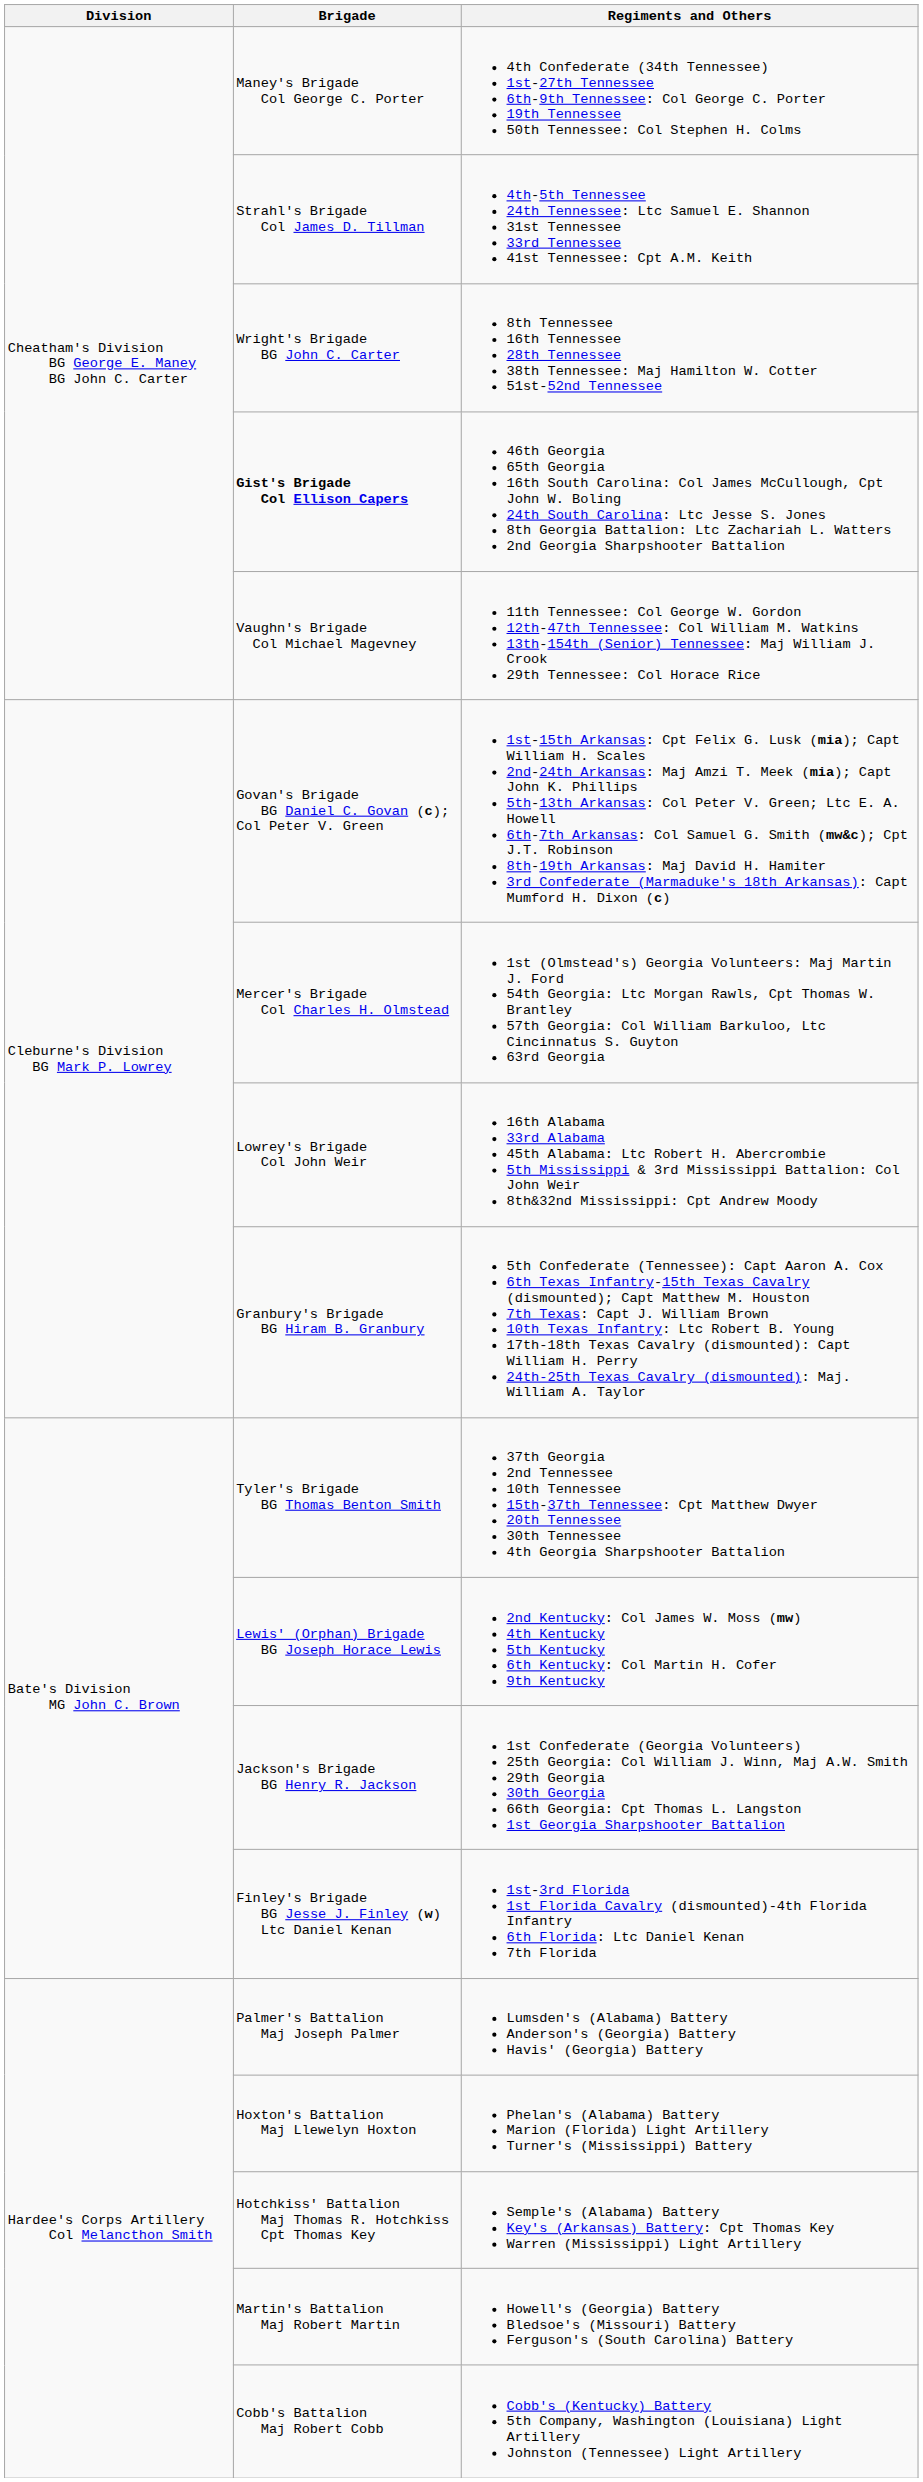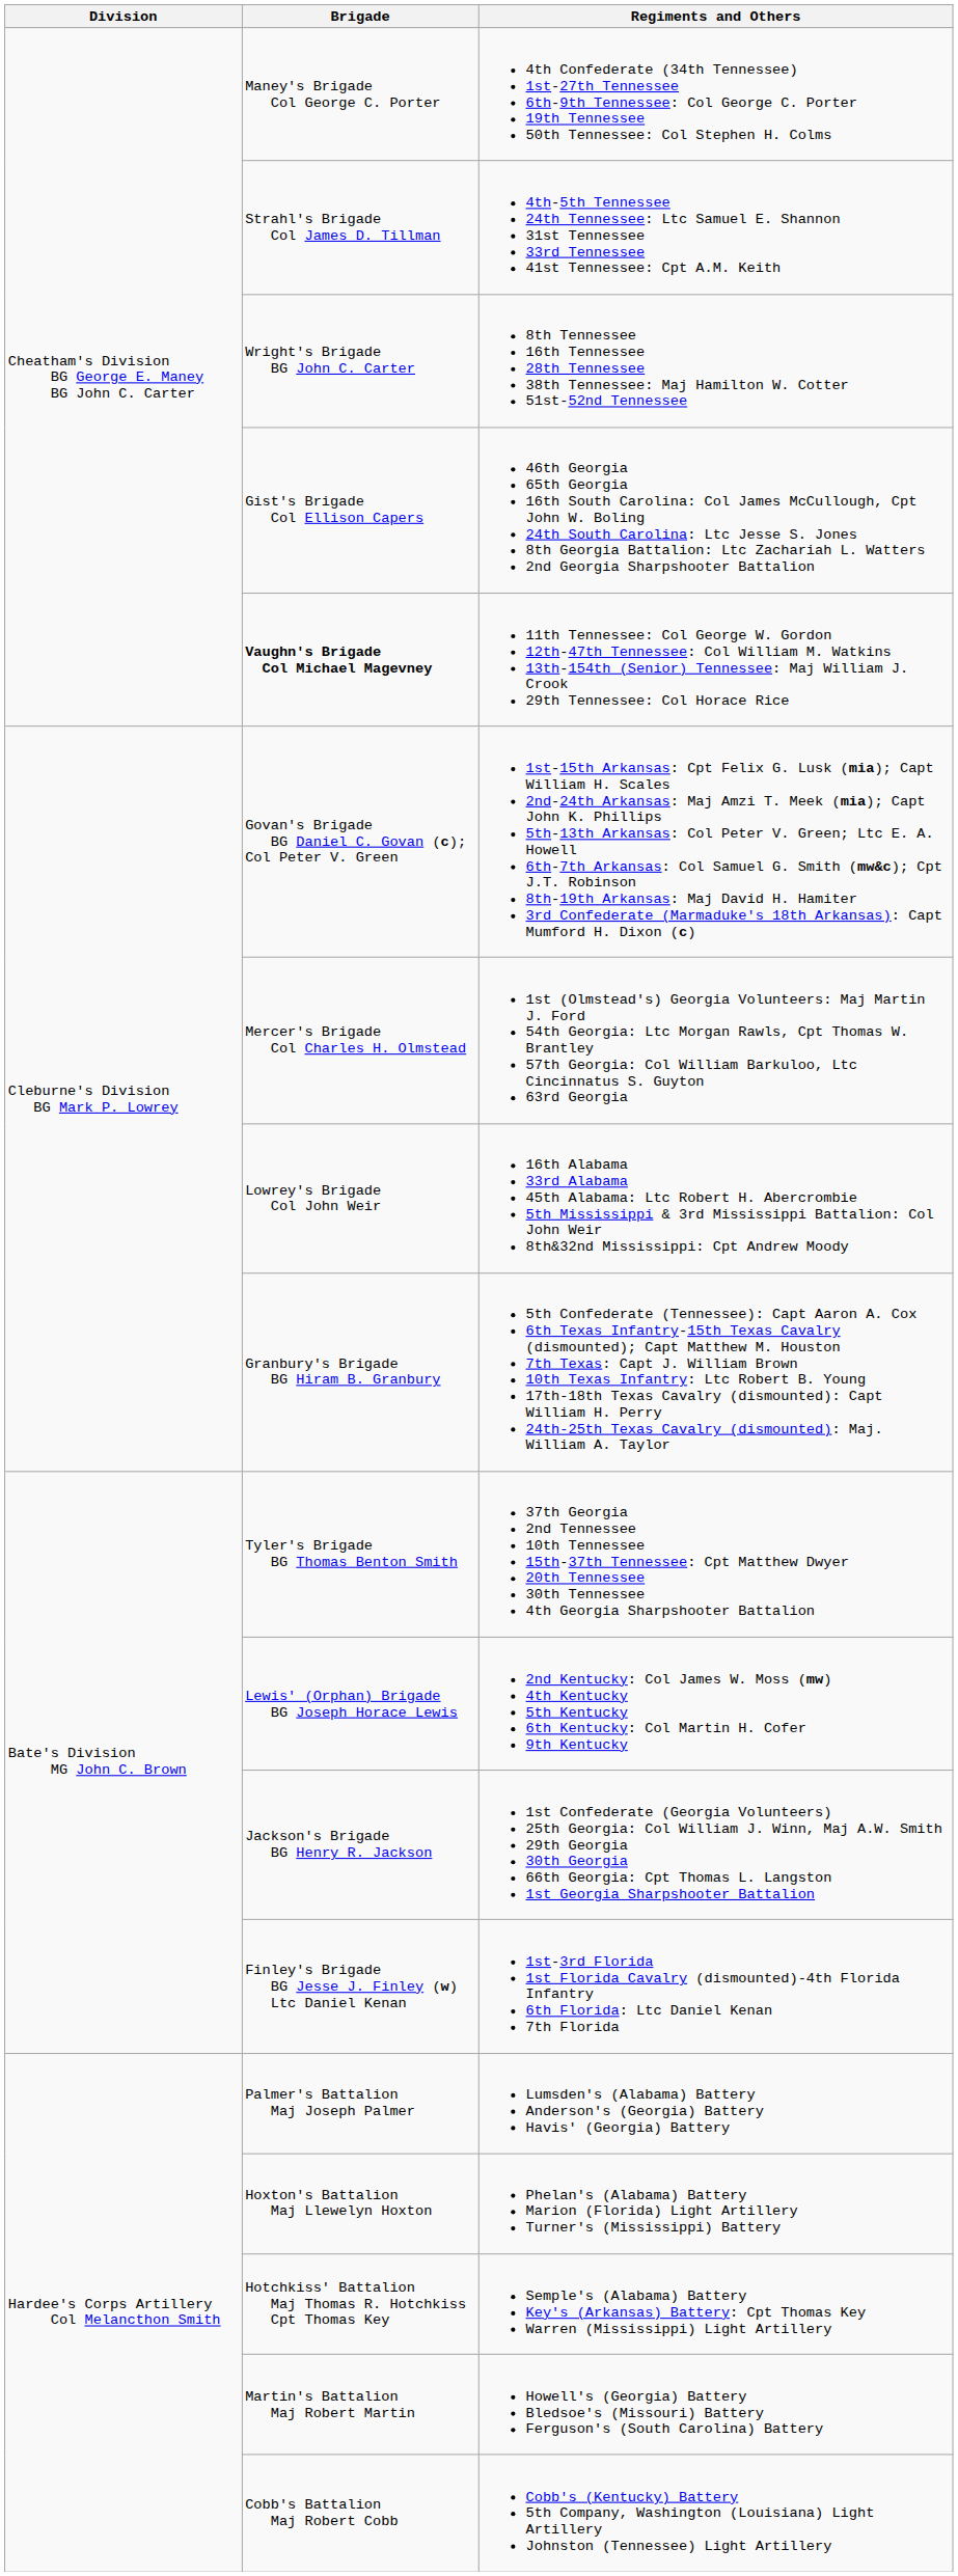 <table class="wikitable">
 <tr>
 <th width="25%">Division</th>
 <th width="25%">Brigade</th>
 <th>Regiments and Others</th>
 </tr>
 <tr>
 <td rowspan="5">Cheatham's Division<br>     BG <a href='#'>George E. Maney</a><br>      BG John C. Carter</td>
 <td>Maney's Brigade<br>   Col George C. Porter</td>
 <td><br><ul><li>4th Confederate (34th Tennessee)</li><li><a href='#'>1st</a>-<a href='#'>27th Tennessee</a></li><li><a href='#'>6th</a>-<a href='#'>9th Tennessee</a>: Col George C. Porter</li><li><a href='#'>19th Tennessee</a></li><li>50th Tennessee: Col Stephen H. Colms</li></ul></td>
 </tr>
 <tr>
 <td>Strahl's Brigade<br>   Col <a href='#'>James D. Tillman</a></td>
 <td><br><ul><li><a href='#'>4th</a>-<a href='#'>5th Tennessee</a></li><li><a href='#'>24th Tennessee</a>: Ltc Samuel E. Shannon</li><li>31st Tennessee</li><li><a href='#'>33rd Tennessee</a></li><li>41st Tennessee: Cpt A.M. Keith</li></ul></td>
 </tr>
 <tr>
 <td>Wright's Brigade<br>   BG <a href='#'>John C. Carter</a></td>
 <td><br><ul><li>8th Tennessee</li><li>16th Tennessee</li><li><a href='#'>28th Tennessee</a></li><li>38th Tennessee: Maj Hamilton W. Cotter</li><li>51st-<a href='#'>52nd Tennessee</a></li></ul></td>
 </tr>
 <tr>
-<td><strong>Gist's Brigade<br>   Col <a href='#'>Ellison Capers</a></strong></td>
+<td>Gist's Brigade<br>   Col <a href='#'>Ellison Capers</a></td>
 <td><br><ul><li>46th Georgia</li><li>65th Georgia</li><li>16th South Carolina: Col James McCullough, Cpt John W. Boling</li><li><a href='#'>24th South Carolina</a>: Ltc Jesse S. Jones</li><li>8th Georgia Battalion: Ltc Zachariah L. Watters</li><li>2nd Georgia Sharpshooter Battalion</li></ul></td>
 </tr>
 <tr>
-<td>Vaughn's Brigade<br>  Col Michael Magevney</td>
+<td><strong>Vaughn's Brigade<br>  Col Michael Magevney</strong></td>
 <td><br><ul><li>11th Tennessee: Col George W. Gordon</li><li><a href='#'>12th</a>-<a href='#'>47th Tennessee</a>: Col William M. Watkins</li><li><a href='#'>13th</a>-<a href='#'>154th (Senior) Tennessee</a>: Maj William J. Crook</li><li>29th Tennessee: Col Horace Rice</li></ul></td>
 </tr>
 <tr>
 <td rowspan="4">Cleburne's Division<br>   BG <a href='#'>Mark P. Lowrey</a></td>
 <td>Govan's Brigade<br>   BG <a href='#'>Daniel C. Govan</a> (<strong>c</strong>); Col Peter V. Green</td>
 <td><br><ul><li><a href='#'>1st</a>-<a href='#'>15th Arkansas</a>: Cpt Felix G. Lusk (<strong>mia</strong>); Capt William H. Scales</li><li><a href='#'>2nd</a>-<a href='#'>24th Arkansas</a>: Maj Amzi T. Meek (<strong>mia</strong>); Capt John K. Phillips</li><li><a href='#'>5th</a>-<a href='#'>13th Arkansas</a>: Col Peter V. Green; Ltc E. A. Howell</li><li><a href='#'>6th</a>-<a href='#'>7th Arkansas</a>: Col Samuel G. Smith (<strong>mw&c</strong>); Cpt J.T. Robinson</li><li><a href='#'>8th</a>-<a href='#'>19th Arkansas</a>: Maj David H. Hamiter</li><li><a href='#'>3rd Confederate (Marmaduke's 18th Arkansas)</a>: Capt Mumford H. Dixon (<strong>c</strong>)</li></ul></td>
 </tr>
 <tr>
 <td>Mercer's Brigade<br>   Col <a href='#'>Charles H. Olmstead</a></td>
 <td><br><ul><li>1st (Olmstead's) Georgia Volunteers: Maj Martin J. Ford</li><li>54th Georgia: Ltc Morgan Rawls, Cpt Thomas W. Brantley</li><li>57th Georgia: Col William Barkuloo, Ltc Cincinnatus S. Guyton</li><li>63rd Georgia</li></ul></td>
 </tr>
 <tr>
 <td>Lowrey's Brigade<br>   Col John Weir</td>
 <td><br><ul><li>16th Alabama</li><li><a href='#'>33rd Alabama</a></li><li>45th Alabama: Ltc Robert H. Abercrombie</li><li><a href='#'>5th Mississippi</a> & 3rd Mississippi Battalion: Col John Weir</li><li>8th&32nd Mississippi: Cpt Andrew Moody</li></ul></td>
 </tr>
 <tr>
 <td>Granbury's Brigade<br>   BG <a href='#'>Hiram B. Granbury</a></td>
 <td><br><ul><li>5th Confederate (Tennessee): Capt Aaron A. Cox</li><li><a href='#'>6th Texas Infantry</a>-<a href='#'>15th Texas Cavalry</a> (dismounted); Capt Matthew M. Houston</li><li><a href='#'>7th Texas</a>: Capt J. William Brown</li><li><a href='#'>10th Texas Infantry</a>: Ltc Robert B. Young</li><li>17th-18th Texas Cavalry (dismounted): Capt William H. Perry</li><li><a href='#'>24th-25th Texas Cavalry (dismounted)</a>: Maj. William A. Taylor</li></ul></td>
 </tr>
 <tr>
 <td rowspan="4">Bate's Division<br>     MG <a href='#'>John C. Brown</a></td>
 <td>Tyler's Brigade<br>   BG <a href='#'>Thomas Benton Smith</a></td>
 <td><br><ul><li>37th Georgia</li><li>2nd Tennessee</li><li>10th Tennessee</li><li><a href='#'>15th</a>-<a href='#'>37th Tennessee</a>: Cpt Matthew Dwyer</li><li><a href='#'>20th Tennessee</a></li><li>30th Tennessee</li><li>4th Georgia Sharpshooter Battalion</li></ul></td>
 </tr>
 <tr>
 <td><a href='#'>Lewis' (Orphan) Brigade</a><br>   BG <a href='#'>Joseph Horace Lewis</a></td>
 <td><br><ul><li><a href='#'>2nd Kentucky</a>: Col James W. Moss (<strong>mw</strong>)</li><li><a href='#'>4th Kentucky</a></li><li><a href='#'>5th Kentucky</a></li><li><a href='#'>6th Kentucky</a>: Col Martin H. Cofer</li><li><a href='#'>9th Kentucky</a></li></ul></td>
 </tr>
 <tr>
 <td>Jackson's Brigade<br>   BG <a href='#'>Henry R. Jackson</a></td>
 <td><br><ul><li>1st Confederate (Georgia Volunteers)</li><li>25th Georgia: Col William J. Winn, Maj A.W. Smith</li><li>29th Georgia</li><li><a href='#'>30th Georgia</a></li><li>66th Georgia: Cpt Thomas L. Langston</li><li><a href='#'>1st Georgia Sharpshooter Battalion</a></li></ul></td>
 </tr>
 <tr>
 <td>Finley's Brigade<br>   BG <a href='#'>Jesse J. Finley</a> (<strong>w</strong>)<br>   Ltc Daniel Kenan</td>
 <td><br><ul><li><a href='#'>1st</a>-<a href='#'>3rd Florida</a></li><li><a href='#'>1st Florida Cavalry</a> (dismounted)-4th Florida Infantry</li><li><a href='#'>6th Florida</a>: Ltc Daniel Kenan</li><li>7th Florida</li></ul></td>
 </tr>
 <tr>
 <td rowspan="5">Hardee's Corps Artillery<br>     Col <a href='#'>Melancthon Smith</a></td>
 <td>Palmer's Battalion<br>   Maj Joseph Palmer</td>
 <td><br><ul><li>Lumsden's (Alabama) Battery</li><li>Anderson's (Georgia) Battery</li><li>Havis' (Georgia) Battery</li></ul></td>
 </tr>
 <tr>
 <td>Hoxton's Battalion<br>   Maj Llewelyn Hoxton</td>
 <td><br><ul><li>Phelan's (Alabama) Battery</li><li>Marion (Florida) Light Artillery</li><li>Turner's (Mississippi) Battery</li></ul></td>
 </tr>
 <tr>
 <td>Hotchkiss' Battalion<br>   Maj Thomas R. Hotchkiss<br>   Cpt Thomas Key</td>
 <td><br><ul><li>Semple's (Alabama) Battery</li><li><a href='#'>Key's (Arkansas) Battery</a>: Cpt Thomas Key</li><li>Warren (Mississippi) Light Artillery</li></ul></td>
 </tr>
 <tr>
 <td>Martin's Battalion<br>   Maj Robert Martin</td>
 <td><br><ul><li>Howell's (Georgia) Battery</li><li>Bledsoe's (Missouri) Battery</li><li>Ferguson's (South Carolina) Battery</li></ul></td>
 </tr>
 <tr>
 <td>Cobb's Battalion<br>   Maj Robert Cobb</td>
 <td><br><ul><li><a href='#'>Cobb's (Kentucky) Battery</a></li><li>5th Company, Washington (Louisiana) Light Artillery</li><li>Johnston (Tennessee) Light Artillery</li></ul></td>
 </tr>
 <tr>
 </tr>
 </table>
